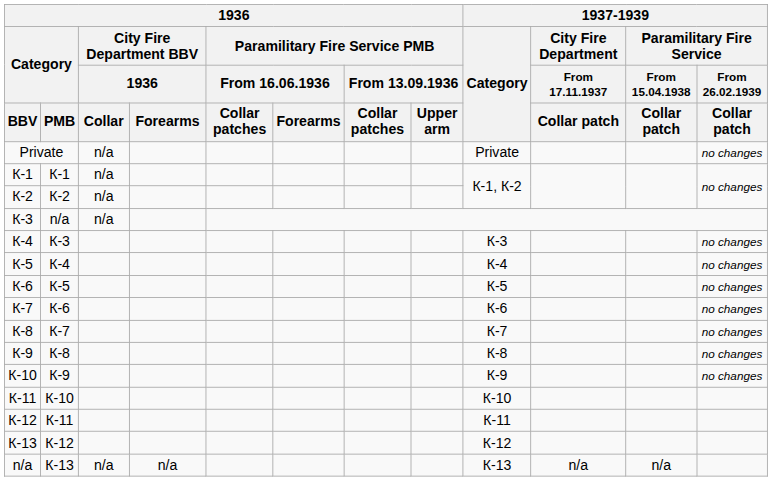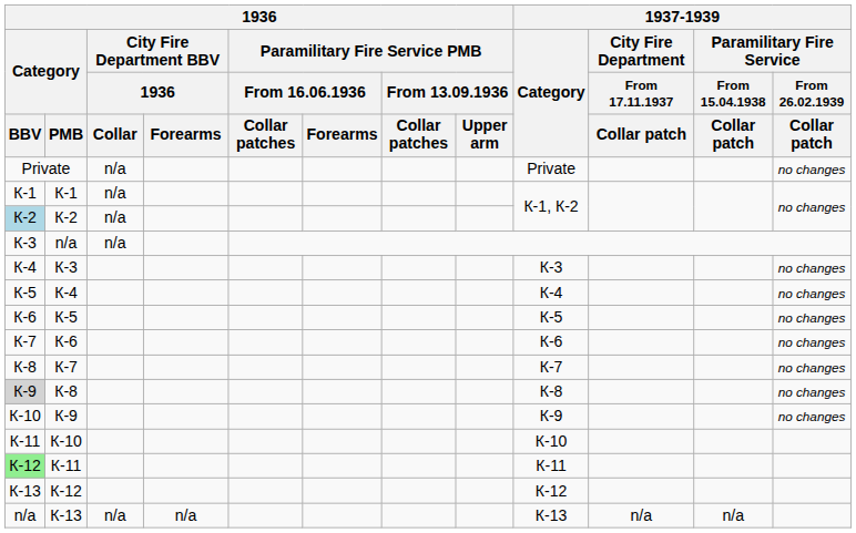 <table class="wikitable wikitable" style="text-align:center">
 <tr>
 <th colspan="8">1936</th>
 <th colspan="4">1937-1939</th>
 </tr>
 <tr>
 <th colspan="2" rowspan="2">Category</th>
 <th colspan="2">City Fire Department BBV</th>
 <th colspan="4">Paramilitary Fire Service PMB</th>
 <th rowspan="3">Category</th>
 <th>City Fire Department</th>
 <th colspan="2">Paramilitary Fire Service</th>
 </tr>
 <tr>
 <th colspan="2">1936</th>
 <th colspan="2">From 16.06.1936</th>
 <th colspan="2">From 13.09.1936</th>
 <th><small>From 17.11.1937</small></th>
 <th><small>From 15.04.1938</small></th>
 <th><small>From 26.02.1939</small></th>
 </tr>
 <tr>
 <th>BBV</th>
 <th>PMB</th>
 <th>Collar</th>
 <th>Forearms</th>
 <th>Collar patches</th>
 <th>Forearms</th>
 <th>Collar patches</th>
 <th>Upper arm</th>
 <th>Collar patch</th>
 <th>Collar patch</th>
 <th>Collar patch</th>
 </tr>
 <tr>
 <td colspan="2">Private</td>
 <td>n/a</td>
 <td></td>
 <td></td>
 <td></td>
 <td></td>
 <td></td>
 <td>Private</td>
 <td></td>
 <td></td>
 <td><small><em>no changes</em> </small></td>
 </tr>
 <tr>
 <td>К-1</td>
 <td>К-1</td>
 <td>n/a</td>
 <td></td>
 <td></td>
 <td></td>
 <td></td>
 <td></td>
 <td rowspan="2">К-1, К-2</td>
 <td rowspan="2"></td>
 <td rowspan="2"></td>
 <td rowspan="2"><small><em>no changes</em> </small></td>
 </tr>
 <tr>
-<td>К-2</td>
+<td style="background: lightblue;">К-2</td>
 <td>К-2</td>
 <td>n/a</td>
 <td></td>
 <td></td>
 <td></td>
 <td></td>
 <td></td>
 </tr>
 <tr>
 <td>К-3</td>
 <td>n/a</td>
 <td>n/a</td>
 <td></td>
 <td colspan="8"></td>
 </tr>
 <tr>
 <td>К-4</td>
 <td>К-3</td>
 <td></td>
 <td></td>
 <td></td>
 <td></td>
 <td></td>
 <td></td>
 <td>К-3</td>
 <td></td>
 <td></td>
 <td><small><em>no changes</em></small></td>
 </tr>
 <tr>
 <td>К-5</td>
 <td>К-4</td>
 <td></td>
 <td></td>
 <td></td>
 <td></td>
 <td></td>
 <td></td>
 <td>К-4</td>
 <td></td>
 <td></td>
 <td><small><em>no changes</em></small></td>
 </tr>
 <tr>
 <td>К-6</td>
 <td>К-5</td>
 <td></td>
 <td></td>
 <td></td>
 <td></td>
 <td></td>
 <td></td>
 <td>К-5</td>
 <td></td>
 <td></td>
 <td><small><em>no changes</em></small></td>
 </tr>
 <tr>
 <td>К-7</td>
 <td>К-6</td>
 <td></td>
 <td></td>
 <td></td>
 <td></td>
 <td></td>
 <td></td>
 <td>К-6</td>
 <td></td>
 <td></td>
 <td><small><em>no changes</em></small></td>
 </tr>
 <tr>
 <td>К-8</td>
 <td>К-7</td>
 <td></td>
 <td></td>
 <td></td>
 <td></td>
 <td></td>
 <td></td>
 <td>К-7</td>
 <td></td>
 <td></td>
 <td><small><em>no changes</em></small></td>
 </tr>
 <tr>
-<td>К-9</td>
+<td style="background: lightgrey;">К-9</td>
 <td>К-8</td>
 <td></td>
 <td></td>
 <td></td>
 <td></td>
 <td></td>
 <td></td>
 <td>К-8</td>
 <td></td>
 <td></td>
 <td><small><em>no changes</em></small></td>
 </tr>
 <tr>
 <td>К-10</td>
 <td>К-9</td>
 <td></td>
 <td></td>
 <td></td>
 <td></td>
 <td></td>
 <td></td>
 <td>К-9</td>
 <td></td>
 <td></td>
 <td><small><em>no changes</em></small></td>
 </tr>
 <tr>
 <td>К-11</td>
 <td>К-10</td>
 <td></td>
 <td></td>
 <td></td>
 <td></td>
 <td></td>
 <td></td>
 <td>К-10</td>
 <td></td>
 <td></td>
 <td></td>
 </tr>
 <tr>
-<td>К-12</td>
+<td style="background: lightgreen;">К-12</td>
 <td>К-11</td>
 <td></td>
 <td></td>
 <td></td>
 <td></td>
 <td></td>
 <td></td>
 <td>К-11</td>
 <td></td>
 <td></td>
 <td></td>
 </tr>
 <tr>
 <td>К-13</td>
 <td>К-12</td>
 <td></td>
 <td></td>
 <td></td>
 <td></td>
 <td></td>
 <td></td>
 <td>К-12</td>
 <td></td>
 <td></td>
 <td></td>
 </tr>
 <tr>
 <td>n/a</td>
 <td>К-13</td>
 <td>n/a</td>
 <td>n/a</td>
 <td></td>
 <td></td>
 <td></td>
 <td></td>
 <td>К-13</td>
 <td>n/a</td>
 <td>n/a</td>
 <td></td>
 </tr>
 </table>
